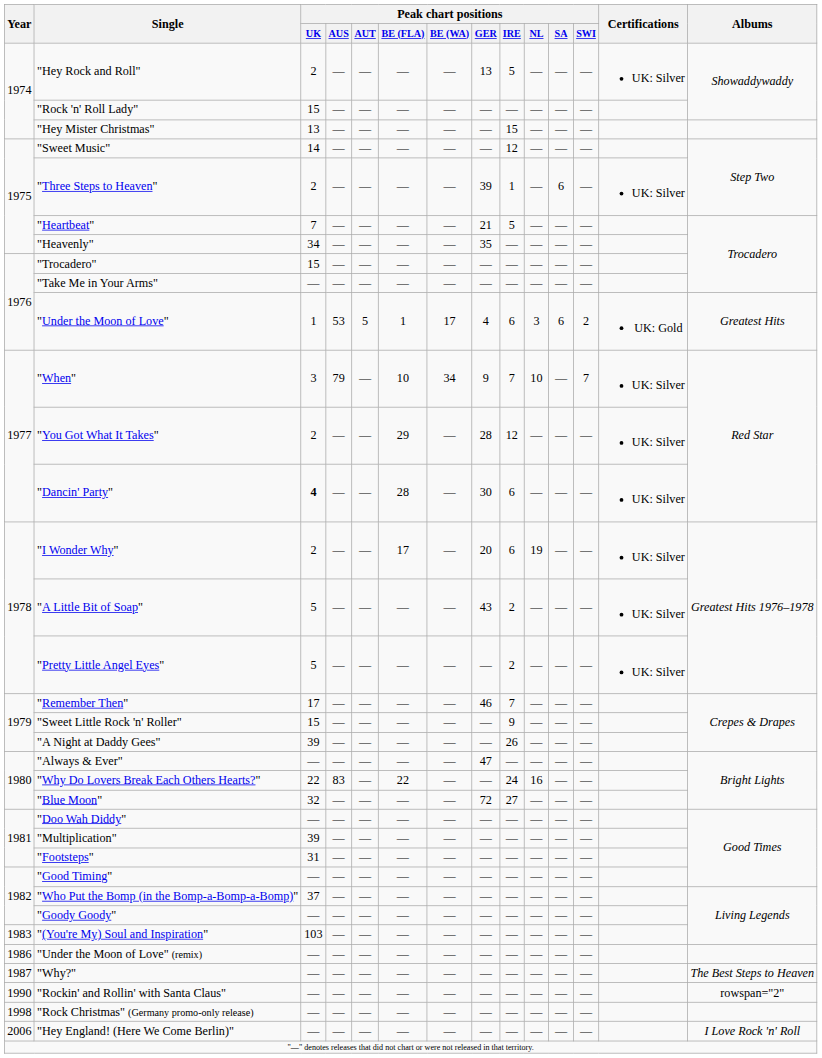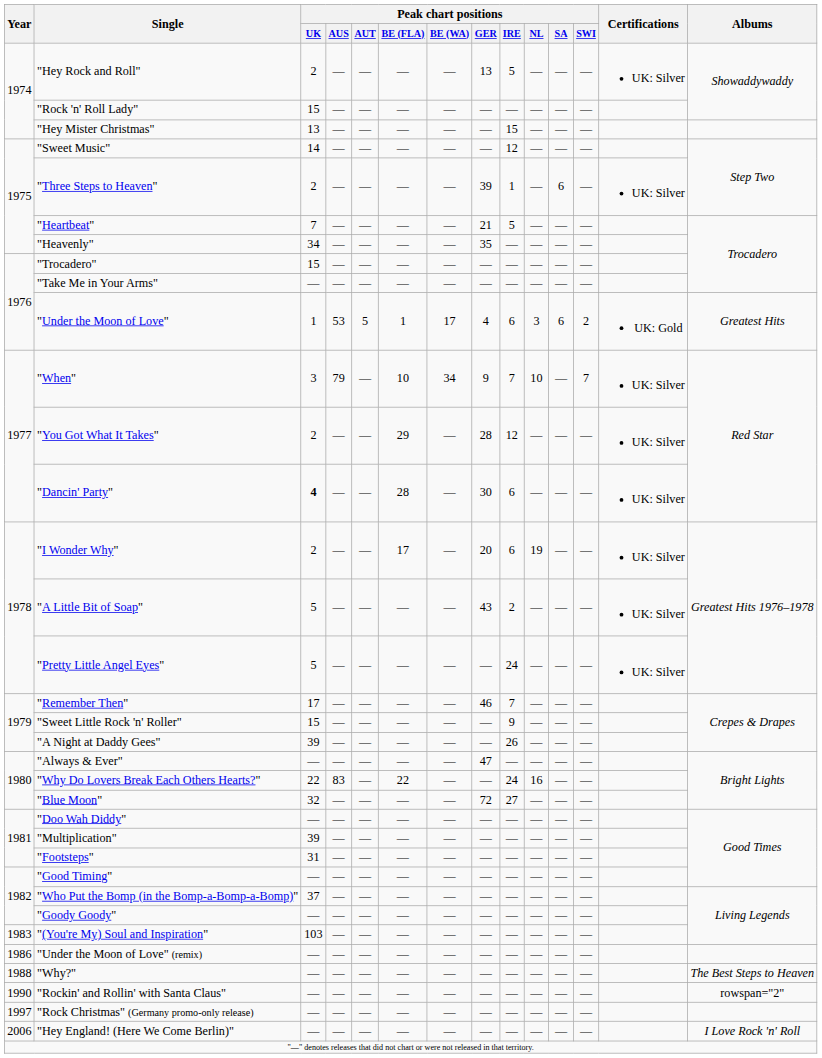 <table class="wikitable sortable" style="text-align:center;">
 <tr>
 <th rowspan="2">Year</th>
 <th rowspan="2">Single</th>
 <th colspan="10">Peak chart positions</th>
 <th rowspan="2">Certifications</th>
 <th rowspan="2">Albums</th>
 </tr>
 <tr>
 <th width="25"><small><a href='#'>UK</a></small><br></th>
 <th width="25"><small><a href='#'>AUS</a></small><br></th>
 <th><small><a href='#'>AUT</a></small><br></th>
 <th><small><a href='#'>BE (FLA)</a></small><br></th>
 <th><small><a href='#'>BE (WA)</a></small><br></th>
 <th width="25"><small><a href='#'>GER</a></small><br></th>
 <th width="25"><small><a href='#'>IRE</a></small><br></th>
 <th width="25"><small><a href='#'>NL</a></small><br></th>
 <th width="25"><small><a href='#'>SA</a></small><br></th>
 <th width="25"><small><a href='#'>SWI</a></small><br></th>
 </tr>
 <tr>
 <td rowspan="3" style="text-align:center;">1974</td>
 <td align="left">"Hey Rock and Roll"</td>
 <td style="text-align:center;">2</td>
 <td style="text-align:center;">—</td>
 <td>—</td>
 <td>—</td>
 <td>—</td>
 <td style="text-align:center;">13</td>
 <td style="text-align:center;">5</td>
 <td style="text-align:center;">—</td>
 <td style="text-align:center;">—</td>
 <td style="text-align:center;">—</td>
 <td><br><ul><li>UK: Silver</li></ul></td>
 <td rowspan="2"><em>Showaddywaddy</em></td>
 </tr>
 <tr>
 <td align="left">"Rock 'n' Roll Lady"</td>
 <td style="text-align:center;">15</td>
 <td style="text-align:center;">—</td>
 <td>—</td>
 <td>—</td>
 <td>—</td>
 <td style="text-align:center;">—</td>
 <td style="text-align:center;">—</td>
 <td style="text-align:center;">—</td>
 <td style="text-align:center;">—</td>
 <td style="text-align:center;">—</td>
 <td></td>
 </tr>
 <tr>
 <td align="left">"Hey Mister Christmas"</td>
 <td style="text-align:center;">13</td>
 <td style="text-align:center;">—</td>
 <td>—</td>
 <td>—</td>
 <td>—</td>
 <td style="text-align:center;">—</td>
 <td style="text-align:center;">15</td>
 <td style="text-align:center;">—</td>
 <td style="text-align:center;">—</td>
 <td style="text-align:center;">—</td>
 <td></td>
 <td></td>
 </tr>
 <tr>
 <td rowspan="4">1975</td>
 <td align="left">"Sweet Music"</td>
 <td style="text-align:center;">14</td>
 <td style="text-align:center;">—</td>
 <td>—</td>
 <td>—</td>
 <td>—</td>
 <td style="text-align:center;">—</td>
 <td style="text-align:center;">12</td>
 <td style="text-align:center;">—</td>
 <td style="text-align:center;">—</td>
 <td style="text-align:center;">—</td>
 <td></td>
 <td rowspan="2"><em>Step Two</em></td>
 </tr>
 <tr>
 <td align="left">"<a href='#'>Three Steps to Heaven</a>"</td>
 <td style="text-align:center;">2</td>
 <td style="text-align:center;">—</td>
 <td>—</td>
 <td>—</td>
 <td>—</td>
 <td style="text-align:center;">39</td>
 <td style="text-align:center;">1</td>
 <td style="text-align:center;">—</td>
 <td style="text-align:center;">6</td>
 <td style="text-align:center;">—</td>
 <td><br><ul><li>UK: Silver</li></ul></td>
 </tr>
 <tr>
 <td align="left">"<a href='#'>Heartbeat</a>"</td>
 <td style="text-align:center;">7</td>
 <td style="text-align:center;">—</td>
 <td>—</td>
 <td>—</td>
 <td>—</td>
 <td style="text-align:center;">21</td>
 <td style="text-align:center;">5</td>
 <td style="text-align:center;">—</td>
 <td style="text-align:center;">—</td>
 <td style="text-align:center;">—</td>
 <td></td>
 <td rowspan="4"><em>Trocadero</em></td>
 </tr>
 <tr>
 <td align="left">"Heavenly"</td>
 <td style="text-align:center;">34</td>
 <td style="text-align:center;">—</td>
 <td>—</td>
 <td>—</td>
 <td>—</td>
 <td style="text-align:center;">35</td>
 <td style="text-align:center;">—</td>
 <td style="text-align:center;">—</td>
 <td style="text-align:center;">—</td>
 <td style="text-align:center;">—</td>
 <td></td>
 </tr>
 <tr>
 <td rowspan="3">1976</td>
 <td align="left">"Trocadero"</td>
 <td style="text-align:center;">15</td>
 <td style="text-align:center;">—</td>
 <td>—</td>
 <td>—</td>
 <td>—</td>
 <td style="text-align:center;">—</td>
 <td style="text-align:center;">—</td>
 <td style="text-align:center;">—</td>
 <td style="text-align:center;">—</td>
 <td style="text-align:center;">—</td>
 <td></td>
 </tr>
 <tr>
 <td align="left">"Take Me in Your Arms"</td>
 <td style="text-align:center;">—</td>
 <td style="text-align:center;">—</td>
 <td>—</td>
 <td>—</td>
 <td>—</td>
 <td style="text-align:center;">—</td>
 <td style="text-align:center;">—</td>
 <td style="text-align:center;">—</td>
 <td style="text-align:center;">—</td>
 <td style="text-align:center;">—</td>
 <td></td>
 </tr>
 <tr>
 <td align="left">"<a href='#'>Under the Moon of Love</a>"</td>
 <td style="text-align:center;">1</td>
 <td style="text-align:center;">53</td>
 <td>5</td>
 <td>1</td>
 <td>17</td>
 <td style="text-align:center;">4</td>
 <td style="text-align:center;">6</td>
 <td style="text-align:center;">3</td>
 <td style="text-align:center;">6</td>
 <td style="text-align:center;">2</td>
 <td><br><ul><li>UK: Gold</li></ul></td>
 <td><em>Greatest Hits</em></td>
 </tr>
 <tr>
 <td rowspan="3">1977</td>
 <td align="left">"<a href='#'>When</a>"</td>
 <td style="text-align:center;">3</td>
 <td style="text-align:center;">79</td>
 <td>—</td>
 <td>10</td>
 <td>34</td>
 <td style="text-align:center;">9</td>
 <td style="text-align:center;">7</td>
 <td style="text-align:center;">10</td>
 <td style="text-align:center;">—</td>
 <td style="text-align:center;">7</td>
 <td><br><ul><li>UK: Silver</li></ul></td>
 <td rowspan="3"><em>Red Star</em></td>
 </tr>
 <tr>
 <td align="left">"<a href='#'>You Got What It Takes</a>"</td>
 <td style="text-align:center;">2</td>
 <td style="text-align:center;">—</td>
 <td>—</td>
 <td>29</td>
 <td>—</td>
 <td style="text-align:center;">28</td>
 <td style="text-align:center;">12</td>
 <td style="text-align:center;">—</td>
 <td style="text-align:center;">—</td>
 <td style="text-align:center;">—</td>
 <td><br><ul><li>UK: Silver</li></ul></td>
 </tr>
 <tr>
 <td align="left">"<a href='#'>Dancin' Party</a>"</td>
 <td style="text-align:center;"><strong>4</strong></td>
 <td style="text-align:center;">—</td>
 <td>—</td>
 <td>28</td>
 <td>—</td>
 <td style="text-align:center;">30</td>
 <td style="text-align:center;">6</td>
 <td style="text-align:center;">—</td>
 <td style="text-align:center;">—</td>
 <td style="text-align:center;">—</td>
 <td><br><ul><li>UK: Silver</li></ul></td>
 </tr>
 <tr>
 <td rowspan="3">1978</td>
 <td align="left">"<a href='#'>I Wonder Why</a>"</td>
 <td style="text-align:center;">2</td>
 <td style="text-align:center;">—</td>
 <td>—</td>
 <td>17</td>
 <td>—</td>
 <td style="text-align:center;">20</td>
 <td style="text-align:center;">6</td>
 <td style="text-align:center;">19</td>
 <td style="text-align:center;">—</td>
 <td style="text-align:center;">—</td>
 <td><br><ul><li>UK: Silver</li></ul></td>
 <td rowspan="3"><em>Greatest Hits 1976–1978</em></td>
 </tr>
 <tr>
 <td align="left">"<a href='#'>A Little Bit of Soap</a>"</td>
 <td style="text-align:center;">5</td>
 <td style="text-align:center;">—</td>
 <td>—</td>
 <td>—</td>
 <td>—</td>
 <td style="text-align:center;">43</td>
 <td style="text-align:center;">2</td>
 <td style="text-align:center;">—</td>
 <td style="text-align:center;">—</td>
 <td style="text-align:center;">—</td>
 <td><br><ul><li>UK: Silver</li></ul></td>
 </tr>
 <tr>
 <td align="left">"<a href='#'>Pretty Little Angel Eyes</a>"</td>
 <td style="text-align:center;">5</td>
 <td style="text-align:center;">—</td>
 <td>—</td>
 <td>—</td>
 <td>—</td>
 <td style="text-align:center;">—</td>
-<td style="text-align:center;">2</td>
+<td style="text-align:center;">24</td>
 <td style="text-align:center;">—</td>
 <td style="text-align:center;">—</td>
 <td style="text-align:center;">—</td>
 <td><br><ul><li>UK: Silver</li></ul></td>
 </tr>
 <tr>
 <td rowspan="3">1979</td>
 <td align="left">"<a href='#'>Remember Then</a>"</td>
 <td style="text-align:center;">17</td>
 <td style="text-align:center;">—</td>
 <td>—</td>
 <td>—</td>
 <td>—</td>
 <td style="text-align:center;">46</td>
 <td style="text-align:center;">7</td>
 <td style="text-align:center;">—</td>
 <td style="text-align:center;">—</td>
 <td style="text-align:center;">—</td>
 <td></td>
 <td rowspan="3"><em>Crepes & Drapes</em></td>
 </tr>
 <tr>
 <td align="left">"Sweet Little Rock 'n' Roller"</td>
 <td style="text-align:center;">15</td>
 <td style="text-align:center;">—</td>
 <td>—</td>
 <td>—</td>
 <td>—</td>
 <td style="text-align:center;">—</td>
 <td style="text-align:center;">9</td>
 <td style="text-align:center;">—</td>
 <td style="text-align:center;">—</td>
 <td style="text-align:center;">—</td>
 <td></td>
 </tr>
 <tr>
 <td align="left">"A Night at Daddy Gees"</td>
 <td style="text-align:center;">39</td>
 <td style="text-align:center;">—</td>
 <td>—</td>
 <td>—</td>
 <td>—</td>
 <td style="text-align:center;">—</td>
 <td style="text-align:center;">26</td>
 <td style="text-align:center;">—</td>
 <td style="text-align:center;">—</td>
 <td style="text-align:center;">—</td>
 <td></td>
 </tr>
 <tr>
 <td rowspan="3">1980</td>
 <td align="left">"Always & Ever"</td>
 <td style="text-align:center;">—</td>
 <td style="text-align:center;">—</td>
 <td>—</td>
 <td>—</td>
 <td>—</td>
 <td style="text-align:center;">47</td>
 <td style="text-align:center;">—</td>
 <td style="text-align:center;">—</td>
 <td style="text-align:center;">—</td>
 <td style="text-align:center;">—</td>
 <td></td>
 <td rowspan="3"><em>Bright Lights</em></td>
 </tr>
 <tr>
 <td align="left">"<a href='#'>Why Do Lovers Break Each Others Hearts?</a>"</td>
 <td style="text-align:center;">22</td>
 <td style="text-align:center;">83</td>
 <td>—</td>
 <td>22</td>
 <td>—</td>
 <td style="text-align:center;">—</td>
 <td style="text-align:center;">24</td>
 <td style="text-align:center;">16</td>
 <td style="text-align:center;">—</td>
 <td style="text-align:center;">—</td>
 <td></td>
 </tr>
 <tr>
 <td align="left">"<a href='#'>Blue Moon</a>"</td>
 <td style="text-align:center;">32</td>
 <td style="text-align:center;">—</td>
 <td>—</td>
 <td>—</td>
 <td>—</td>
 <td style="text-align:center;">72</td>
 <td style="text-align:center;">27</td>
 <td style="text-align:center;">—</td>
 <td style="text-align:center;">—</td>
 <td style="text-align:center;">—</td>
 <td></td>
 </tr>
 <tr>
 <td rowspan="3">1981</td>
 <td align="left">"<a href='#'>Doo Wah Diddy</a>"</td>
 <td style="text-align:center;">—</td>
 <td style="text-align:center;">—</td>
 <td>—</td>
 <td>—</td>
 <td>—</td>
 <td style="text-align:center;">—</td>
 <td style="text-align:center;">—</td>
 <td style="text-align:center;">—</td>
 <td style="text-align:center;">—</td>
 <td style="text-align:center;">—</td>
 <td></td>
 <td rowspan="4"><em>Good Times</em></td>
 </tr>
 <tr>
 <td align="left">"Multiplication"</td>
 <td style="text-align:center;">39</td>
 <td style="text-align:center;">—</td>
 <td>—</td>
 <td>—</td>
 <td>—</td>
 <td style="text-align:center;">—</td>
 <td style="text-align:center;">—</td>
 <td style="text-align:center;">—</td>
 <td style="text-align:center;">—</td>
 <td style="text-align:center;">—</td>
 <td></td>
 </tr>
 <tr>
 <td align="left">"<a href='#'>Footsteps</a>"</td>
 <td style="text-align:center;">31</td>
 <td style="text-align:center;">—</td>
 <td>—</td>
 <td>—</td>
 <td>—</td>
 <td style="text-align:center;">—</td>
 <td style="text-align:center;">—</td>
 <td style="text-align:center;">—</td>
 <td style="text-align:center;">—</td>
 <td style="text-align:center;">—</td>
 <td></td>
 </tr>
 <tr>
 <td rowspan="3">1982</td>
 <td align="left">"<a href='#'>Good Timing</a>"</td>
 <td>—</td>
 <td>—</td>
 <td>—</td>
 <td>—</td>
 <td>—</td>
 <td>—</td>
 <td>—</td>
 <td>—</td>
 <td>—</td>
 <td>—</td>
 <td></td>
 </tr>
 <tr>
 <td align="left">"<a href='#'>Who Put the Bomp (in the Bomp-a-Bomp-a-Bomp)</a>"</td>
 <td style="text-align:center;">37</td>
 <td style="text-align:center;">—</td>
 <td>—</td>
 <td>—</td>
 <td>—</td>
 <td style="text-align:center;">—</td>
 <td style="text-align:center;">—</td>
 <td style="text-align:center;">—</td>
 <td style="text-align:center;">—</td>
 <td style="text-align:center;">—</td>
 <td></td>
 <td rowspan="3"><em>Living Legends</em></td>
 </tr>
 <tr>
 <td align="left">"<a href='#'>Goody Goody</a>"</td>
 <td style="text-align:center;">—</td>
 <td style="text-align:center;">—</td>
 <td>—</td>
 <td>—</td>
 <td>—</td>
 <td style="text-align:center;">—</td>
 <td style="text-align:center;">—</td>
 <td style="text-align:center;">—</td>
 <td style="text-align:center;">—</td>
 <td style="text-align:center;">—</td>
 <td></td>
 </tr>
 <tr>
 <td>1983</td>
 <td align="left">"<a href='#'>(You're My) Soul and Inspiration</a>"</td>
 <td style="text-align:center;">103</td>
 <td style="text-align:center;">—</td>
 <td>—</td>
 <td>—</td>
 <td>—</td>
 <td style="text-align:center;">—</td>
 <td style="text-align:center;">—</td>
 <td style="text-align:center;">—</td>
 <td style="text-align:center;">—</td>
 <td style="text-align:center;">—</td>
 <td></td>
 </tr>
 <tr>
 <td>1986</td>
 <td align="left">"Under the Moon of Love" <small>(remix)</small></td>
 <td style="text-align:center;">—</td>
 <td style="text-align:center;">—</td>
 <td>—</td>
 <td>—</td>
 <td>—</td>
 <td style="text-align:center;">—</td>
 <td style="text-align:center;">—</td>
 <td style="text-align:center;">—</td>
 <td style="text-align:center;">—</td>
 <td style="text-align:center;">—</td>
 <td></td>
 <td></td>
 </tr>
 <tr>
-<td>1987</td>
+<td>1988</td>
 <td align="left">"Why?"</td>
 <td style="text-align:center;">—</td>
 <td style="text-align:center;">—</td>
 <td>—</td>
 <td>—</td>
 <td>—</td>
 <td style="text-align:center;">—</td>
 <td style="text-align:center;">—</td>
 <td style="text-align:center;">—</td>
 <td style="text-align:center;">—</td>
 <td style="text-align:center;">—</td>
 <td></td>
 <td><em>The Best Steps to Heaven</em></td>
 </tr>
 <tr>
 <td>1990</td>
 <td align="left">"Rockin' and Rollin' with Santa Claus"</td>
 <td>—</td>
 <td>—</td>
 <td>—</td>
 <td>—</td>
 <td>—</td>
 <td>—</td>
 <td>—</td>
 <td>—</td>
 <td>—</td>
 <td>—</td>
 <td></td>
 <td>rowspan="2" </td>
 </tr>
 <tr>
-<td>1998</td>
+<td>1997</td>
 <td align="left">"Rock Christmas" <small>(Germany promo-only release)</small></td>
 <td>—</td>
 <td>—</td>
 <td>—</td>
 <td>—</td>
 <td>—</td>
 <td>—</td>
 <td>—</td>
 <td>—</td>
 <td>—</td>
 <td>—</td>
 <td></td>
 </tr>
 <tr>
 <td>2006</td>
 <td align="left">"Hey England! (Here We Come Berlin)"</td>
 <td>—</td>
 <td>—</td>
 <td>—</td>
 <td>—</td>
 <td>—</td>
 <td>—</td>
 <td>—</td>
 <td>—</td>
 <td>—</td>
 <td>—</td>
 <td></td>
 <td><em>I Love Rock 'n' Roll</em></td>
 </tr>
 <tr>
 <td colspan="14" style="font-size:8pt">"—" denotes releases that did not chart or were not released in that territory.</td>
 </tr>
 </table>
